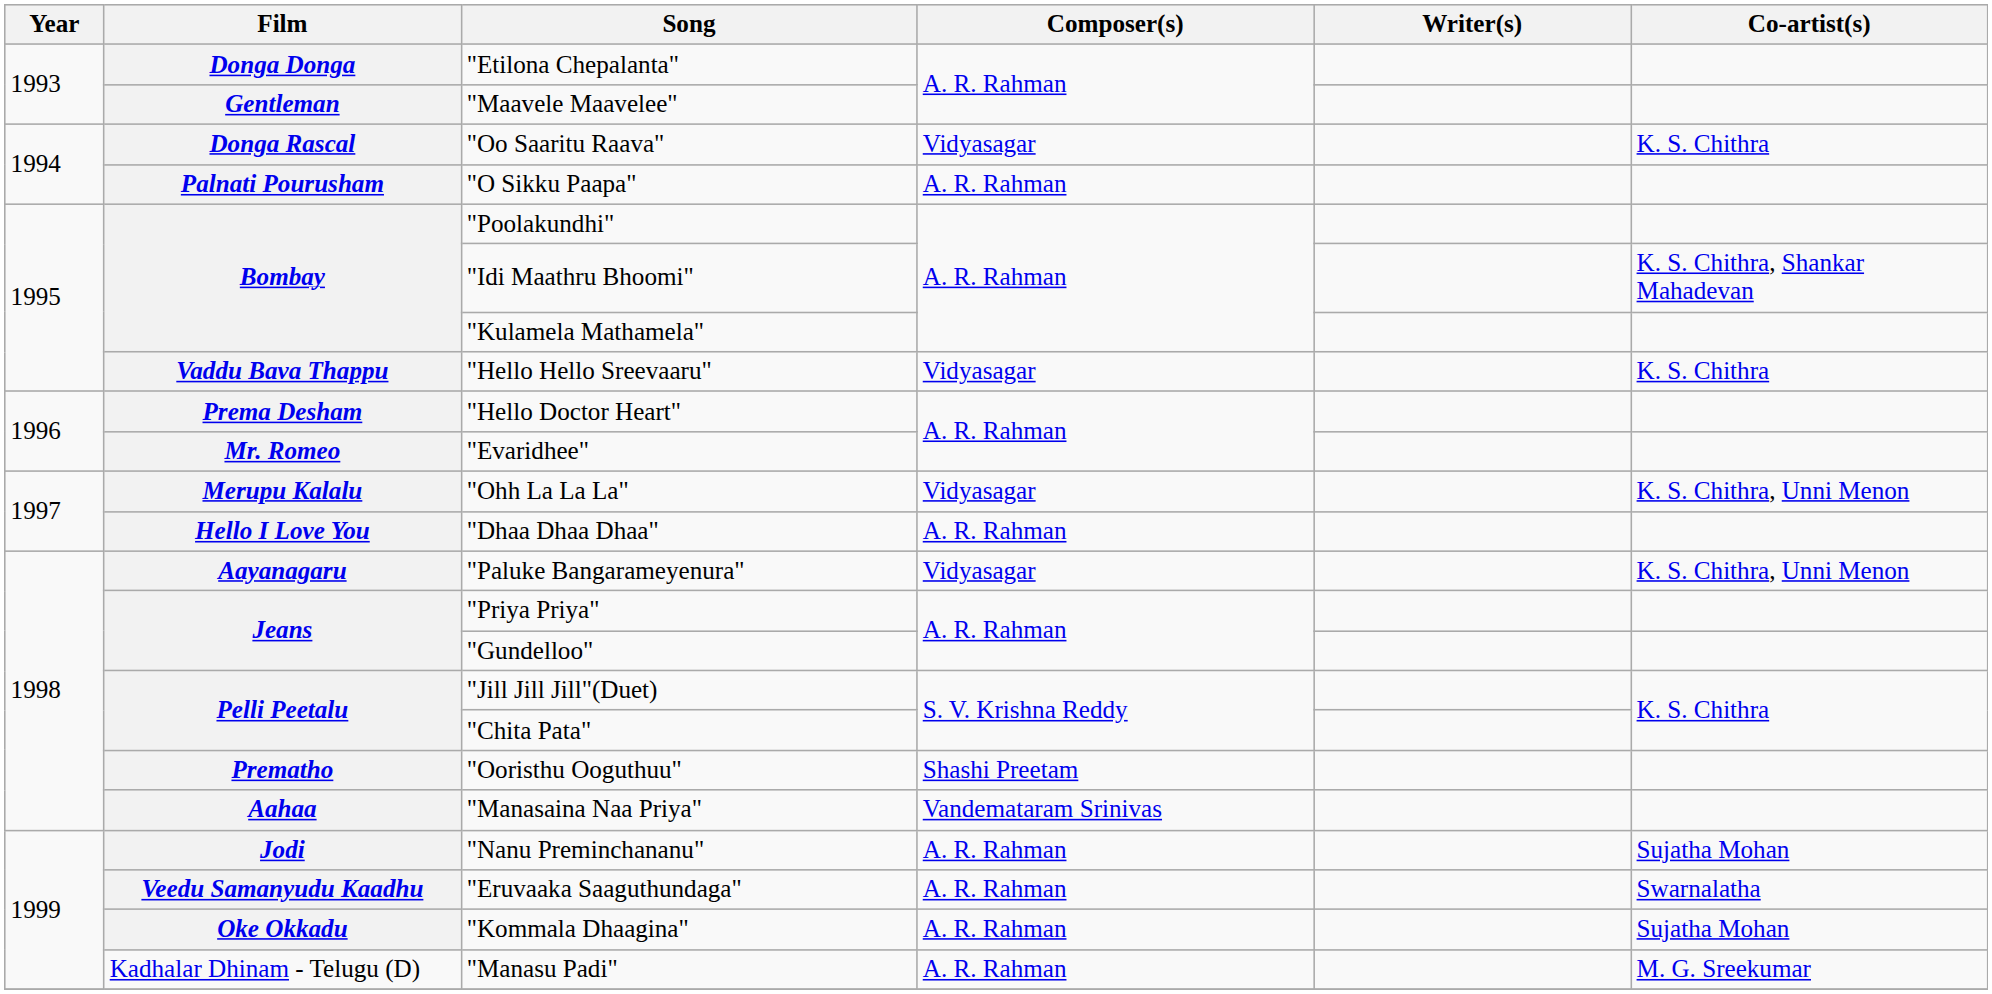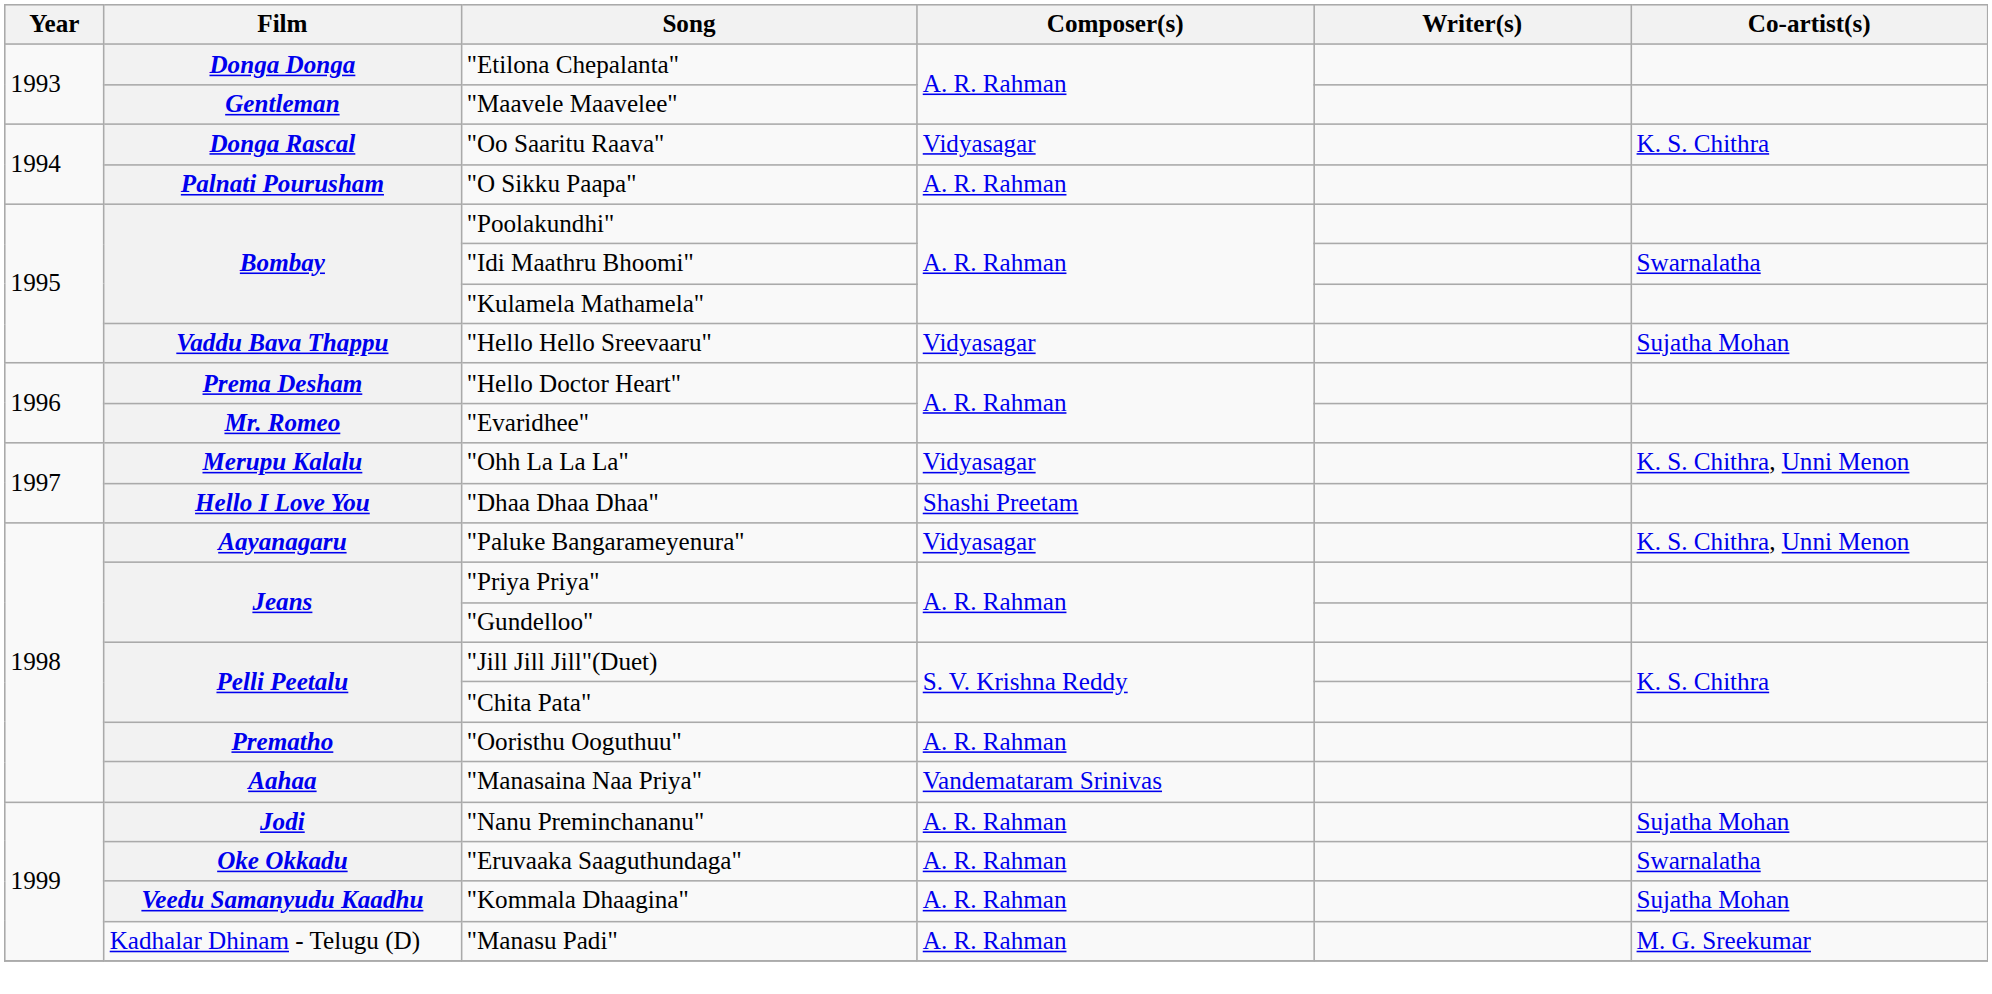 <table class="wikitable plainrowheaders" width="100%" textcolor:#000;">
 <tr style="background:#b0e0e66;">
 <th scope="col" width=5%><strong>Year</strong></th>
 <th><strong>Film</strong></th>
 <th scope="col" width=23%><strong>Song</strong></th>
 <th scope="col" width=20%><strong>Composer(s)</strong></th>
 <th scope="col" width=16%><strong>Writer(s)</strong></th>
 <th scope="col" width=18%><strong>Co-artist(s)</strong></th>
 </tr>
 <tr>
 <td rowspan="2">1993</td>
 <th><a href='#'><em>Donga Donga</em></a></th>
 <td>"Etilona Chepalanta"</td>
 <td rowspan="2"><a href='#'>A. R. Rahman</a></td>
 <td></td>
 <td></td>
 </tr>
 <tr>
 <th><a href='#'><em>Gentleman</em></a></th>
 <td>"Maavele Maavelee"</td>
 <td></td>
 <td></td>
 </tr>
 <tr>
 <td rowspan="2">1994</td>
 <th><a href='#'><em>Donga Rascal</em></a></th>
 <td>"Oo Saaritu Raava"</td>
 <td><a href='#'>Vidyasagar</a></td>
 <td></td>
 <td><a href='#'>K. S. Chithra</a></td>
 </tr>
 <tr>
 <th><em><a href='#'>Palnati Pourusham</a></em></th>
 <td>"O Sikku Paapa"</td>
 <td><a href='#'>A. R. Rahman</a></td>
 <td></td>
 <td></td>
 </tr>
 <tr>
 <td rowspan="4">1995</td>
 <th rowspan="3"><em><a href='#'>Bombay</a></em></th>
 <td>"Poolakundhi"</td>
 <td rowspan="3"><a href='#'>A. R. Rahman</a></td>
 <td></td>
 <td></td>
 </tr>
 <tr>
 <td>"Idi Maathru Bhoomi"</td>
 <td></td>
-<td><a href='#'>K. S. Chithra</a>, <a href='#'>Shankar Mahadevan</a></td>
+<td><a href='#'>Swarnalatha</a></td>
 </tr>
 <tr>
 <td>"Kulamela Mathamela"</td>
 <td></td>
 <td></td>
 </tr>
 <tr>
 <th><em><a href='#'>Vaddu Bava Thappu</a></em></th>
 <td>"Hello Hello Sreevaaru"</td>
 <td><a href='#'>Vidyasagar</a></td>
 <td></td>
-<td><a href='#'>K. S. Chithra</a></td>
+<td><a href='#'>Sujatha Mohan</a></td>
 </tr>
 <tr>
 <td rowspan="2">1996</td>
 <th><a href='#'><em>Prema Desham</em></a></th>
 <td>"Hello Doctor Heart"</td>
 <td rowspan="2"><a href='#'>A. R. Rahman</a></td>
 <td></td>
 <td></td>
 </tr>
 <tr>
 <th><em><a href='#'>Mr. Romeo</a></em></th>
 <td>"Evaridhee"</td>
 <td></td>
 <td></td>
 </tr>
 <tr>
 <td rowspan="2">1997</td>
 <th><a href='#'><em>Merupu Kalalu</em></a></th>
 <td>"Ohh La La La"</td>
 <td><a href='#'>Vidyasagar</a></td>
 <td></td>
 <td><a href='#'>K. S. Chithra</a>, <a href='#'>Unni Menon</a></td>
 </tr>
 <tr>
 <th><a href='#'><em>Hello I Love You</em></a></th>
 <td>"Dhaa Dhaa Dhaa"</td>
-<td><a href='#'>A. R. Rahman</a></td>
+<td><a href='#'>Shashi Preetam</a></td>
 <td></td>
 <td></td>
 </tr>
 <tr>
 <td rowspan="7">1998</td>
 <th><a href='#'><em>Aayanagaru</em></a></th>
 <td>"Paluke Bangarameyenura"</td>
 <td><a href='#'>Vidyasagar</a></td>
 <td></td>
 <td><a href='#'>K. S. Chithra</a>, <a href='#'>Unni Menon</a></td>
 </tr>
 <tr>
 <th rowspan="2"><em><a href='#'>Jeans</a></em></th>
 <td>"Priya Priya"</td>
 <td rowspan="2"><a href='#'>A. R. Rahman</a></td>
 <td></td>
 <td></td>
 </tr>
 <tr>
 <td>"Gundelloo"</td>
 <td></td>
 <td></td>
 </tr>
 <tr>
 <th rowspan="2"><em><a href='#'>Pelli Peetalu</a></em></th>
 <td>"Jill Jill Jill"(Duet)</td>
 <td rowspan="2"><a href='#'>S. V. Krishna Reddy</a></td>
 <td></td>
 <td rowspan="2"><a href='#'>K. S. Chithra</a></td>
 </tr>
 <tr>
 <td>"Chita Pata"</td>
 <td></td>
 </tr>
 <tr>
 <th><a href='#'><em>Prematho</em></a></th>
 <td>"Ooristhu Ooguthuu"</td>
-<td><a href='#'>Shashi Preetam</a></td>
+<td><a href='#'>A. R. Rahman</a></td>
 <td></td>
 <td></td>
 </tr>
 <tr>
 <th><a href='#'><em>Aahaa</em></a></th>
 <td>"Manasaina Naa Priya"</td>
 <td><a href='#'>Vandemataram Srinivas</a></td>
 <td></td>
 <td></td>
 </tr>
 <tr>
 <td rowspan="4">1999</td>
 <th><em><a href='#'>Jodi</a></em></th>
 <td>"Nanu Preminchananu"</td>
 <td><a href='#'>A. R. Rahman</a></td>
 <td></td>
 <td><a href='#'>Sujatha Mohan</a></td>
 </tr>
 <tr>
-<th><a href='#'><em>Veedu Samanyudu Kaadhu</em></a></th>
+<th><a href='#'><em>Oke Okkadu</em></a></th>
 <td>"Eruvaaka Saaguthundaga"</td>
 <td><a href='#'>A. R. Rahman</a></td>
 <td></td>
 <td><a href='#'>Swarnalatha</a></td>
 </tr>
 <tr>
-<th><a href='#'><em>Oke Okkadu</em></a></th>
+<th><a href='#'><em>Veedu Samanyudu Kaadhu</em></a></th>
 <td>"Kommala Dhaagina"</td>
 <td><a href='#'>A. R. Rahman</a></td>
 <td></td>
 <td><a href='#'>Sujatha Mohan</a></td>
 </tr>
 <tr>
 <td><a href='#'>Kadhalar Dhinam</a> - Telugu (D)</td>
 <td>"Manasu Padi"</td>
 <td><a href='#'>A. R. Rahman</a></td>
 <td></td>
 <td><a href='#'>M. G. Sreekumar</a></td>
 </tr>
 <tr>
 </tr>
 </table>
